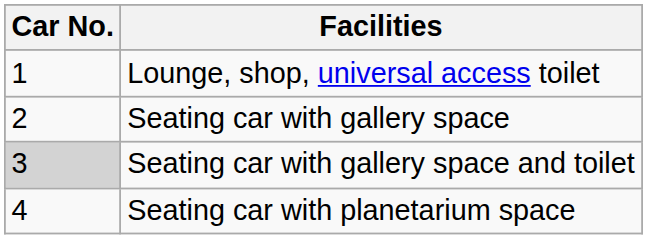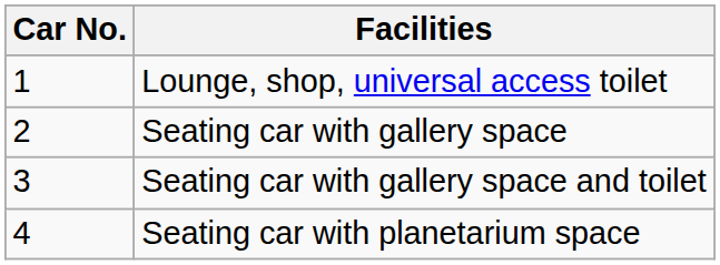 <table class="wikitable">
 <tr>
 <th>Car No.</th>
 <th>Facilities</th>
 </tr>
 <tr>
 <td>1</td>
 <td>Lounge, shop, <a href='#'>universal access</a> toilet</td>
 </tr>
 <tr>
 <td>2</td>
 <td>Seating car with gallery space</td>
 </tr>
 <tr>
-<td style="background: lightgrey;">3</td>
+<td>3</td>
 <td>Seating car with gallery space and toilet</td>
 </tr>
 <tr>
 <td>4</td>
 <td>Seating car with planetarium space</td>
 </tr>
 </table>
